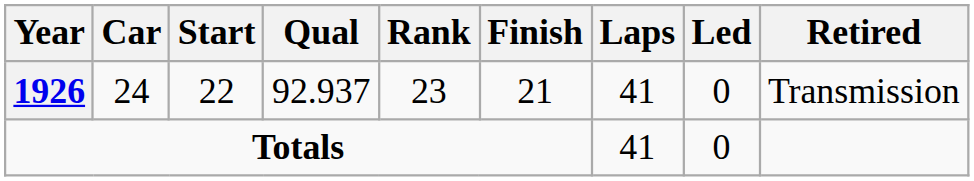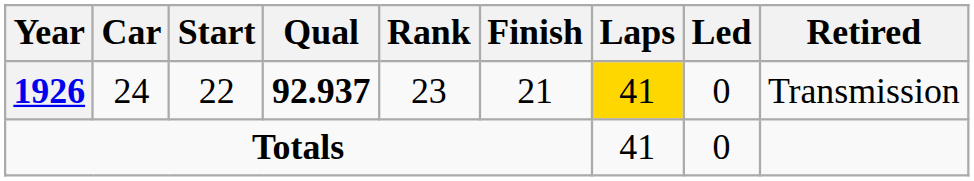 <table class="wikitable" style="text-align:center">
 <tr>
 <th>Year</th>
 <th>Car</th>
 <th>Start</th>
 <th>Qual</th>
 <th>Rank</th>
 <th>Finish</th>
 <th>Laps</th>
 <th>Led</th>
 <th>Retired</th>
 </tr>
 <tr>
 <th><a href='#'>1926</a></th>
 <td>24</td>
 <td>22</td>
-<td>92.937</td>
+<td><strong>92.937</strong></td>
 <td>23</td>
 <td>21</td>
-<td>41</td>
+<td style="background: gold;">41</td>
 <td>0</td>
 <td>Transmission</td>
 </tr>
 <tr>
 <td colspan=6><strong>Totals</strong></td>
 <td>41</td>
 <td>0</td>
 <td></td>
 </tr>
 </table>
